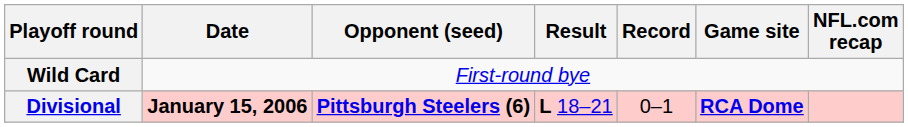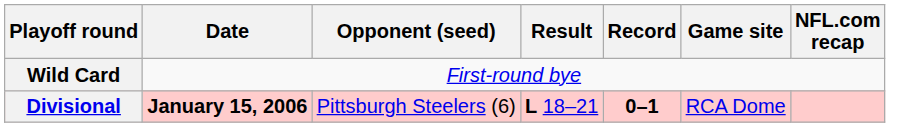 <table class="wikitable" style="text-align:center">
 <tr>
 <th>Playoff round</th>
 <th>Date</th>
 <th>Opponent (seed)</th>
 <th>Result</th>
 <th>Record</th>
 <th>Game site</th>
 <th>NFL.com<br>recap</th>
 </tr>
 <tr style="text-align:center;">
 <th>Wild Card</th>
 <td colspan="6" style="text-align:center;"><em><a href='#'>First-round bye</a></em></td>
 </tr>
 <tr style="background:#fcc; text-align:center;">
 <th><a href='#'>Divisional</a></th>
 <td><strong>January 15, 2006</strong></td>
-<td><strong><a href='#'>Pittsburgh Steelers</a> (6)</strong></td>
+<td><a href='#'>Pittsburgh Steelers</a> (6)</td>
 <td><strong>L</strong> <a href='#'>18–21</a></td>
-<td>0–1</td>
-<td><strong><a href='#'>RCA Dome</a></strong></td>
+<td><strong>0–1</strong></td>
+<td><a href='#'>RCA Dome</a></td>
 <td></td>
 </tr>
 </table>
